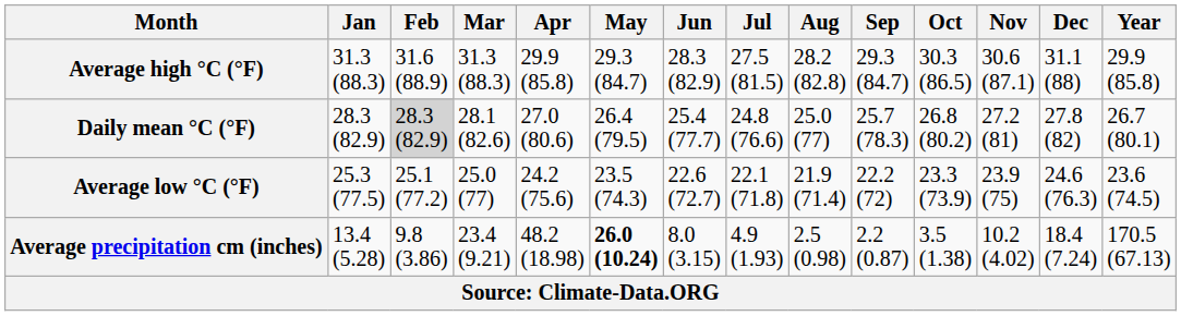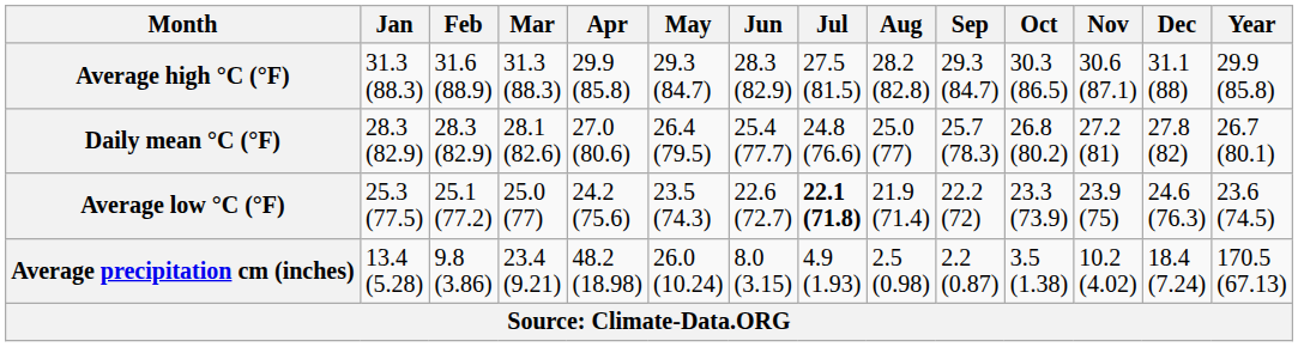 <table class="wikitable">
 <tr>
 <th>Month</th>
 <th>Jan</th>
 <th>Feb</th>
 <th>Mar</th>
 <th>Apr</th>
 <th>May</th>
 <th>Jun</th>
 <th>Jul</th>
 <th>Aug</th>
 <th>Sep</th>
 <th>Oct</th>
 <th>Nov</th>
 <th>Dec</th>
 <th>Year</th>
 </tr>
 <tr>
 <th>Average high °C (°F)</th>
 <td>31.3<br>(88.3)</td>
 <td>31.6<br>(88.9)</td>
 <td>31.3<br>(88.3)</td>
 <td>29.9<br>(85.8)</td>
 <td>29.3<br>(84.7)</td>
 <td>28.3<br>(82.9)</td>
 <td>27.5<br>(81.5)</td>
 <td>28.2<br>(82.8)</td>
 <td>29.3<br>(84.7)</td>
 <td>30.3<br>(86.5)</td>
 <td>30.6<br>(87.1)</td>
 <td>31.1<br>(88)</td>
 <td>29.9<br>(85.8)</td>
 </tr>
 <tr>
 <th>Daily mean °C (°F)</th>
 <td>28.3<br>(82.9)</td>
-<td style="background: lightgrey;">28.3<br>(82.9)</td>
+<td>28.3<br>(82.9)</td>
 <td>28.1<br>(82.6)</td>
 <td>27.0<br>(80.6)</td>
 <td>26.4<br>(79.5)</td>
 <td>25.4<br>(77.7)</td>
 <td>24.8<br>(76.6)</td>
 <td>25.0<br>(77)</td>
 <td>25.7<br>(78.3)</td>
 <td>26.8<br>(80.2)</td>
 <td>27.2<br>(81)</td>
 <td>27.8<br>(82)</td>
 <td>26.7<br>(80.1)</td>
 </tr>
 <tr>
 <th>Average low °C (°F)</th>
 <td>25.3<br>(77.5)</td>
 <td>25.1<br>(77.2)</td>
 <td>25.0<br>(77)</td>
 <td>24.2<br>(75.6)</td>
 <td>23.5<br>(74.3)</td>
 <td>22.6<br>(72.7)</td>
-<td>22.1<br>(71.8)</td>
+<td><strong>22.1<br>(71.8)</strong></td>
 <td>21.9<br>(71.4)</td>
 <td>22.2<br>(72)</td>
 <td>23.3<br>(73.9)</td>
 <td>23.9<br>(75)</td>
 <td>24.6<br>(76.3)</td>
 <td>23.6<br>(74.5)</td>
 </tr>
 <tr>
 <th>Average <a href='#'>precipitation</a> cm (inches)</th>
 <td>13.4<br>(5.28)</td>
 <td>9.8<br>(3.86)</td>
 <td>23.4<br>(9.21)</td>
 <td>48.2<br>(18.98)</td>
-<td><strong>26.0<br>(10.24)</strong></td>
+<td>26.0<br>(10.24)</td>
 <td>8.0<br>(3.15)</td>
 <td>4.9<br>(1.93)</td>
 <td>2.5<br>(0.98)</td>
 <td>2.2<br>(0.87)</td>
 <td>3.5<br>(1.38)</td>
 <td>10.2<br>(4.02)</td>
 <td>18.4<br>(7.24)</td>
 <td>170.5<br>(67.13)</td>
 </tr>
 <tr>
 <th colspan="14">Source: Climate-Data.ORG</th>
 </tr>
 </table>
